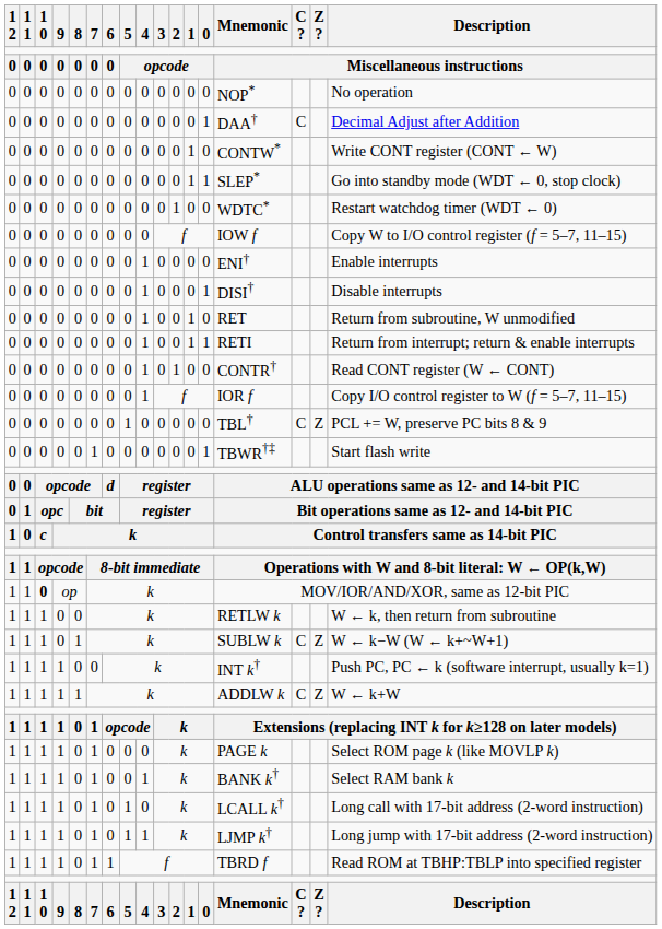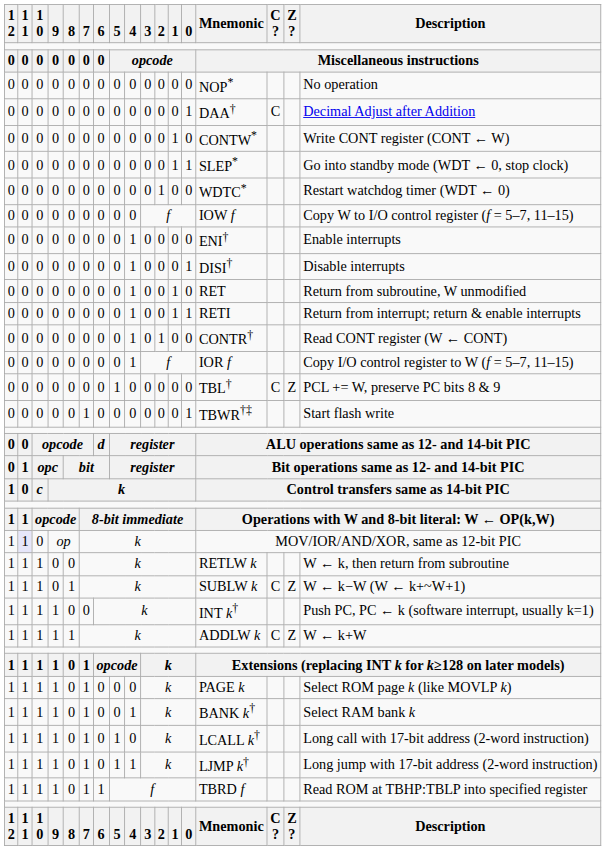 <table class="wikitable" style="text-align:center">
 <tr>
 <th>1<br>2</th>
 <th>1<br>1</th>
 <th>1<br>0</th>
 <th><br>9</th>
 <th><br>8</th>
 <th><br>7</th>
 <th><br>6</th>
 <th><br>5</th>
 <th><br>4</th>
 <th><br>3</th>
 <th><br>2</th>
 <th><br>1</th>
 <th><br>0</th>
 <th>Mnemonic</th>
 <th>C<br>?</th>
 <th>Z<br>?</th>
 <th>Description</th>
 </tr>
 <tr>
 <td colspan=17></td>
 </tr>
 <tr>
 <th>0</th>
 <th>0</th>
 <th>0</th>
 <th>0</th>
 <th>0</th>
 <th>0</th>
 <th>0</th>
 <th colspan=6><em>opcode</em></th>
 <th colspan=4>Miscellaneous instructions</th>
 </tr>
 <tr>
 <td>0</td>
 <td>0</td>
 <td>0</td>
 <td>0</td>
 <td>0</td>
 <td>0</td>
 <td>0</td>
 <td>0</td>
 <td>0</td>
 <td>0</td>
 <td>0</td>
 <td>0</td>
 <td>0</td>
 <td align=left>NOP<sup>*</sup></td>
 <td></td>
 <td></td>
 <td align=left>No operation</td>
 </tr>
 <tr>
 <td>0</td>
 <td>0</td>
 <td>0</td>
 <td>0</td>
 <td>0</td>
 <td>0</td>
 <td>0</td>
 <td>0</td>
 <td>0</td>
 <td>0</td>
 <td>0</td>
 <td>0</td>
 <td>1</td>
 <td align=left>DAA<sup>†</sup></td>
 <td>C</td>
 <td></td>
 <td align=left><a href='#'>Decimal Adjust after Addition</a></td>
 </tr>
 <tr>
 <td>0</td>
 <td>0</td>
 <td>0</td>
 <td>0</td>
 <td>0</td>
 <td>0</td>
 <td>0</td>
 <td>0</td>
 <td>0</td>
 <td>0</td>
 <td>0</td>
 <td>1</td>
 <td>0</td>
 <td align=left>CONTW<sup>*</sup></td>
 <td></td>
 <td></td>
 <td align=left>Write CONT register (CONT ← W)</td>
 </tr>
 <tr>
 <td>0</td>
 <td>0</td>
 <td>0</td>
 <td>0</td>
 <td>0</td>
 <td>0</td>
 <td>0</td>
 <td>0</td>
 <td>0</td>
 <td>0</td>
 <td>0</td>
 <td>1</td>
 <td>1</td>
 <td align=left>SLEP<sup>*</sup></td>
 <td></td>
 <td></td>
 <td align=left>Go into standby mode (WDT ← 0, stop clock)</td>
 </tr>
 <tr>
 <td>0</td>
 <td>0</td>
 <td>0</td>
 <td>0</td>
 <td>0</td>
 <td>0</td>
 <td>0</td>
 <td>0</td>
 <td>0</td>
 <td>0</td>
 <td>1</td>
 <td>0</td>
 <td>0</td>
 <td align=left>WDTC<sup>*</sup></td>
 <td></td>
 <td></td>
 <td align=left>Restart watchdog timer (WDT ← 0)</td>
 </tr>
 <tr>
 <td>0</td>
 <td>0</td>
 <td>0</td>
 <td>0</td>
 <td>0</td>
 <td>0</td>
 <td>0</td>
 <td>0</td>
 <td>0</td>
 <td colspan=4><em>f</em></td>
 <td align=left>IOW <em>f</em></td>
 <td></td>
 <td></td>
 <td align=left>Copy W to I/O control register (<em>f</em> = 5–7, 11–15)</td>
 </tr>
 <tr>
 <td>0</td>
 <td>0</td>
 <td>0</td>
 <td>0</td>
 <td>0</td>
 <td>0</td>
 <td>0</td>
 <td>0</td>
 <td>1</td>
 <td>0</td>
 <td>0</td>
 <td>0</td>
 <td>0</td>
 <td align=left>ENI<sup>†</sup></td>
 <td></td>
 <td></td>
 <td align=left>Enable interrupts</td>
 </tr>
 <tr>
 <td>0</td>
 <td>0</td>
 <td>0</td>
 <td>0</td>
 <td>0</td>
 <td>0</td>
 <td>0</td>
 <td>0</td>
 <td>1</td>
 <td>0</td>
 <td>0</td>
 <td>0</td>
 <td>1</td>
 <td align=left>DISI<sup>†</sup></td>
 <td></td>
 <td></td>
 <td align=left>Disable interrupts</td>
 </tr>
 <tr>
 <td>0</td>
 <td>0</td>
 <td>0</td>
 <td>0</td>
 <td>0</td>
 <td>0</td>
 <td>0</td>
 <td>0</td>
 <td>1</td>
 <td>0</td>
 <td>0</td>
 <td>1</td>
 <td>0</td>
 <td align=left>RET</td>
 <td></td>
 <td></td>
 <td align=left>Return from subroutine, W unmodified</td>
 </tr>
 <tr>
 <td>0</td>
 <td>0</td>
 <td>0</td>
 <td>0</td>
 <td>0</td>
 <td>0</td>
 <td>0</td>
 <td>0</td>
 <td>1</td>
 <td>0</td>
 <td>0</td>
 <td>1</td>
 <td>1</td>
 <td align=left>RETI</td>
 <td></td>
 <td></td>
 <td align=left>Return from interrupt; return & enable interrupts</td>
 </tr>
 <tr>
 <td>0</td>
 <td>0</td>
 <td>0</td>
 <td>0</td>
 <td>0</td>
 <td>0</td>
 <td>0</td>
 <td>0</td>
 <td>1</td>
 <td>0</td>
 <td>1</td>
 <td>0</td>
 <td>0</td>
 <td align=left>CONTR<sup>†</sup></td>
 <td></td>
 <td></td>
 <td align=left>Read CONT register (W ← CONT)</td>
 </tr>
 <tr>
 <td>0</td>
 <td>0</td>
 <td>0</td>
 <td>0</td>
 <td>0</td>
 <td>0</td>
 <td>0</td>
 <td>0</td>
 <td>1</td>
 <td colspan=4><em>f</em></td>
 <td align=left>IOR <em>f</em></td>
 <td></td>
 <td></td>
 <td align=left>Copy I/O control register to W  (<em>f</em> = 5–7, 11–15)</td>
 </tr>
 <tr>
 <td>0</td>
 <td>0</td>
 <td>0</td>
 <td>0</td>
 <td>0</td>
 <td>0</td>
 <td>0</td>
 <td>1</td>
 <td>0</td>
 <td>0</td>
 <td>0</td>
 <td>0</td>
 <td>0</td>
 <td align=left>TBL<sup>†</sup></td>
 <td>C</td>
 <td>Z</td>
 <td align=left>PCL += W, preserve PC bits 8 & 9</td>
 </tr>
 <tr>
 <td>0</td>
 <td>0</td>
 <td>0</td>
 <td>0</td>
 <td>0</td>
 <td>1</td>
 <td>0</td>
 <td>0</td>
 <td>0</td>
 <td>0</td>
 <td>0</td>
 <td>0</td>
 <td>1</td>
 <td align=left>TBWR<sup>†‡</sup></td>
 <td></td>
 <td></td>
 <td align=left>Start flash write</td>
 </tr>
 <tr>
 <td colspan=17></td>
 </tr>
 <tr>
 <th>0</th>
 <th>0</th>
 <th colspan=4><em>opcode</em></th>
 <th><em>d</em></th>
 <th colspan=6><em>register</em></th>
 <th colspan=4>ALU operations same as 12- and 14-bit PIC</th>
 </tr>
 <tr>
 <th>0</th>
 <th>1</th>
 <th colspan=2><em>opc</em></th>
 <th colspan=3><em>bit</em></th>
 <th colspan=6><em>register</em></th>
 <th colspan=4>Bit operations same as 12- and 14-bit PIC</th>
 </tr>
 <tr>
 <th>1</th>
 <th>0</th>
 <th><em>c</em></th>
 <th colspan=10><em>k</em></th>
 <th colspan=4>Control transfers same as 14-bit PIC</th>
 </tr>
 <tr>
 <td colspan=17></td>
 </tr>
 <tr>
 <th>1</th>
 <th>1</th>
 <th colspan=3><em>opcode</em></th>
 <th colspan=8><em>8-bit immediate</em></th>
 <th colspan=4>Operations with W and 8-bit literal: W ← OP(k,W)</th>
 </tr>
 <tr>
 <td>1</td>
-<td>1</td>
-<td><strong>0</strong></td>
+<td style="background: lavender;">1</td>
+<td>0</td>
 <td colspan=2><em>op</em></td>
 <td colspan=8><em>k</em></td>
 <td colspan=4>MOV/IOR/AND/XOR, same as 12-bit PIC</td>
 </tr>
 <tr>
 <td>1</td>
 <td>1</td>
 <td>1</td>
 <td>0</td>
 <td>0</td>
 <td colspan=8><em>k</em></td>
 <td align=left>RETLW <em>k</em></td>
 <td></td>
 <td></td>
 <td align=left>W ← k, then return from subroutine</td>
 </tr>
 <tr>
 <td>1</td>
 <td>1</td>
 <td>1</td>
 <td>0</td>
 <td>1</td>
 <td colspan=8><em>k</em></td>
 <td align=left>SUBLW <em>k</em></td>
 <td>C</td>
 <td>Z</td>
 <td align=left>W ← k−W (W ← k+~W+1)</td>
 </tr>
 <tr>
 <td>1</td>
 <td>1</td>
 <td>1</td>
 <td>1</td>
 <td>0</td>
 <td>0</td>
 <td colspan=7><em>k</em></td>
 <td align=left>INT <em>k</em><sup>†</sup></td>
 <td></td>
 <td></td>
 <td align=left>Push PC, PC ← k (software interrupt, usually k=1)</td>
 </tr>
 <tr>
 <td>1</td>
 <td>1</td>
 <td>1</td>
 <td>1</td>
 <td>1</td>
 <td colspan=8><em>k</em></td>
 <td align=left>ADDLW <em>k</em></td>
 <td>C</td>
 <td>Z</td>
 <td align=left>W ← k+W</td>
 </tr>
 <tr>
 <td colspan=17></td>
 </tr>
 <tr>
 <th>1</th>
 <th>1</th>
 <th>1</th>
 <th>1</th>
 <th>0</th>
 <th>1</th>
 <th colspan=3><em>opcode</em></th>
 <th colspan=4><em>k</em></th>
 <th colspan=4>Extensions (replacing INT <em>k</em> for <em>k</em>≥128 on later models)</th>
 </tr>
 <tr>
 <td>1</td>
 <td>1</td>
 <td>1</td>
 <td>1</td>
 <td>0</td>
 <td>1</td>
 <td>0</td>
 <td>0</td>
 <td>0</td>
 <td colspan=4><em>k</em></td>
 <td align=left>PAGE <em>k</em></td>
 <td></td>
 <td></td>
 <td align=left>Select ROM page <em>k</em> (like MOVLP <em>k</em>)</td>
 </tr>
 <tr>
 <td>1</td>
 <td>1</td>
 <td>1</td>
 <td>1</td>
 <td>0</td>
 <td>1</td>
 <td>0</td>
 <td>0</td>
 <td>1</td>
 <td colspan=4><em>k</em></td>
 <td align=left>BANK <em>k</em><sup>†</sup></td>
 <td></td>
 <td></td>
 <td align=left>Select RAM bank <em>k</em></td>
 </tr>
 <tr>
 <td>1</td>
 <td>1</td>
 <td>1</td>
 <td>1</td>
 <td>0</td>
 <td>1</td>
 <td>0</td>
 <td>1</td>
 <td>0</td>
 <td colspan=4><em>k</em></td>
 <td align=left>LCALL <em>k</em><sup>†</sup></td>
 <td></td>
 <td></td>
 <td align=left>Long call with 17-bit address (2-word instruction)</td>
 </tr>
 <tr>
 <td>1</td>
 <td>1</td>
 <td>1</td>
 <td>1</td>
 <td>0</td>
 <td>1</td>
 <td>0</td>
 <td>1</td>
 <td>1</td>
 <td colspan=4><em>k</em></td>
 <td align=left>LJMP <em>k</em><sup>†</sup></td>
 <td></td>
 <td></td>
 <td align=left>Long jump with 17-bit address (2-word instruction)</td>
 </tr>
 <tr>
 <td>1</td>
 <td>1</td>
 <td>1</td>
 <td>1</td>
 <td>0</td>
 <td>1</td>
 <td>1</td>
 <td colspan=6><em>f</em></td>
 <td align=left>TBRD <em>f</em></td>
 <td></td>
 <td></td>
 <td align=left>Read ROM at TBHP:TBLP into specified register</td>
 </tr>
 <tr>
 <td colspan=17></td>
 </tr>
 <tr>
 <th>1<br>2</th>
 <th>1<br>1</th>
 <th>1<br>0</th>
 <th><br>9</th>
 <th><br>8</th>
 <th><br>7</th>
 <th><br>6</th>
 <th><br>5</th>
 <th><br>4</th>
 <th><br>3</th>
 <th><br>2</th>
 <th><br>1</th>
 <th><br>0</th>
 <th>Mnemonic</th>
 <th>C<br>?</th>
 <th>Z<br>?</th>
 <th>Description</th>
 </tr>
 </table>
